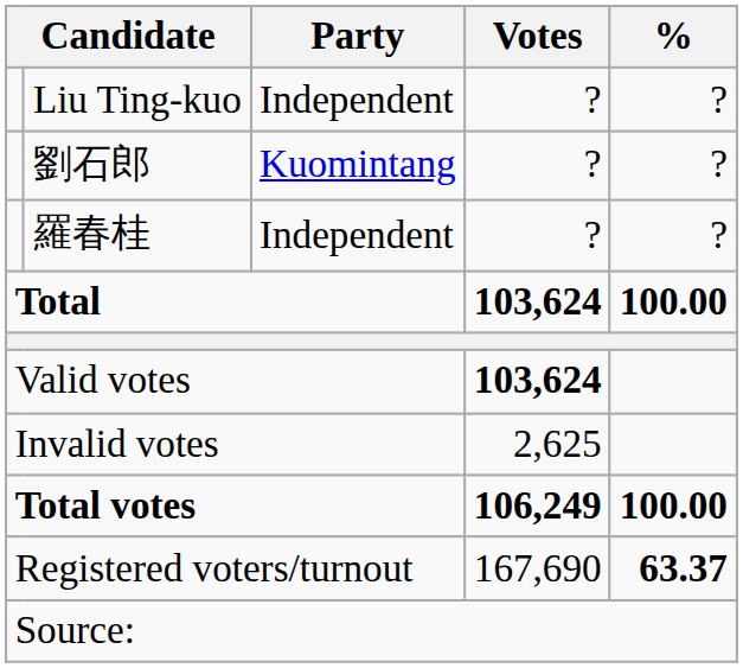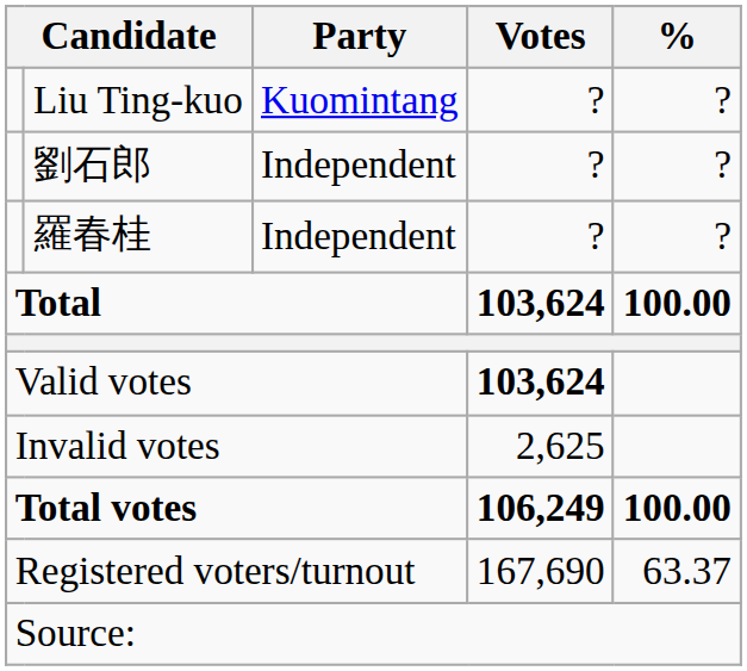 <table class="wikitable">
 <tr>
 <th colspan="2">Candidate</th>
 <th>Party</th>
 <th>Votes</th>
 <th>%</th>
 </tr>
 <tr>
 <td style="background:"></td>
 <td>Liu Ting-kuo</td>
-<td>Independent</td>
+<td><a href='#'>Kuomintang</a></td>
 <td align="right">?</td>
 <td align="right">?</td>
 </tr>
 <tr>
 <td style="background:"></td>
 <td>劉石郎</td>
-<td><a href='#'>Kuomintang</a></td>
+<td>Independent</td>
 <td align="right">?</td>
 <td align="right">?</td>
 </tr>
 <tr>
 <td style="background:"></td>
 <td>羅春桂</td>
 <td>Independent</td>
 <td align="right">?</td>
 <td align="right">?</td>
 </tr>
 <tr>
 <td colspan="3"><strong>Total</strong></td>
 <td align="right"><strong>103,624</strong></td>
 <td align="right"><strong>100.00</strong></td>
 </tr>
 <tr>
 <th colspan="5"></th>
 </tr>
 <tr>
 <td colspan="3">Valid votes</td>
 <td align="right"><strong>103,624</strong></td>
 <td align="right"></td>
 </tr>
 <tr>
 <td colspan="3">Invalid votes</td>
 <td align="right">2,625</td>
 <td align="right"></td>
 </tr>
 <tr>
 <td colspan="3"><strong>Total votes</strong></td>
 <td align="right"><strong>106,249</strong></td>
 <td align="right"><strong>100.00</strong></td>
 </tr>
 <tr>
 <td colspan="3">Registered voters/turnout</td>
 <td align="right">167,690</td>
-<td align="right"><strong>63.37</strong></td>
+<td align="right">63.37</td>
 </tr>
 <tr>
 <td colspan="5">Source:</td>
 </tr>
 </table>
